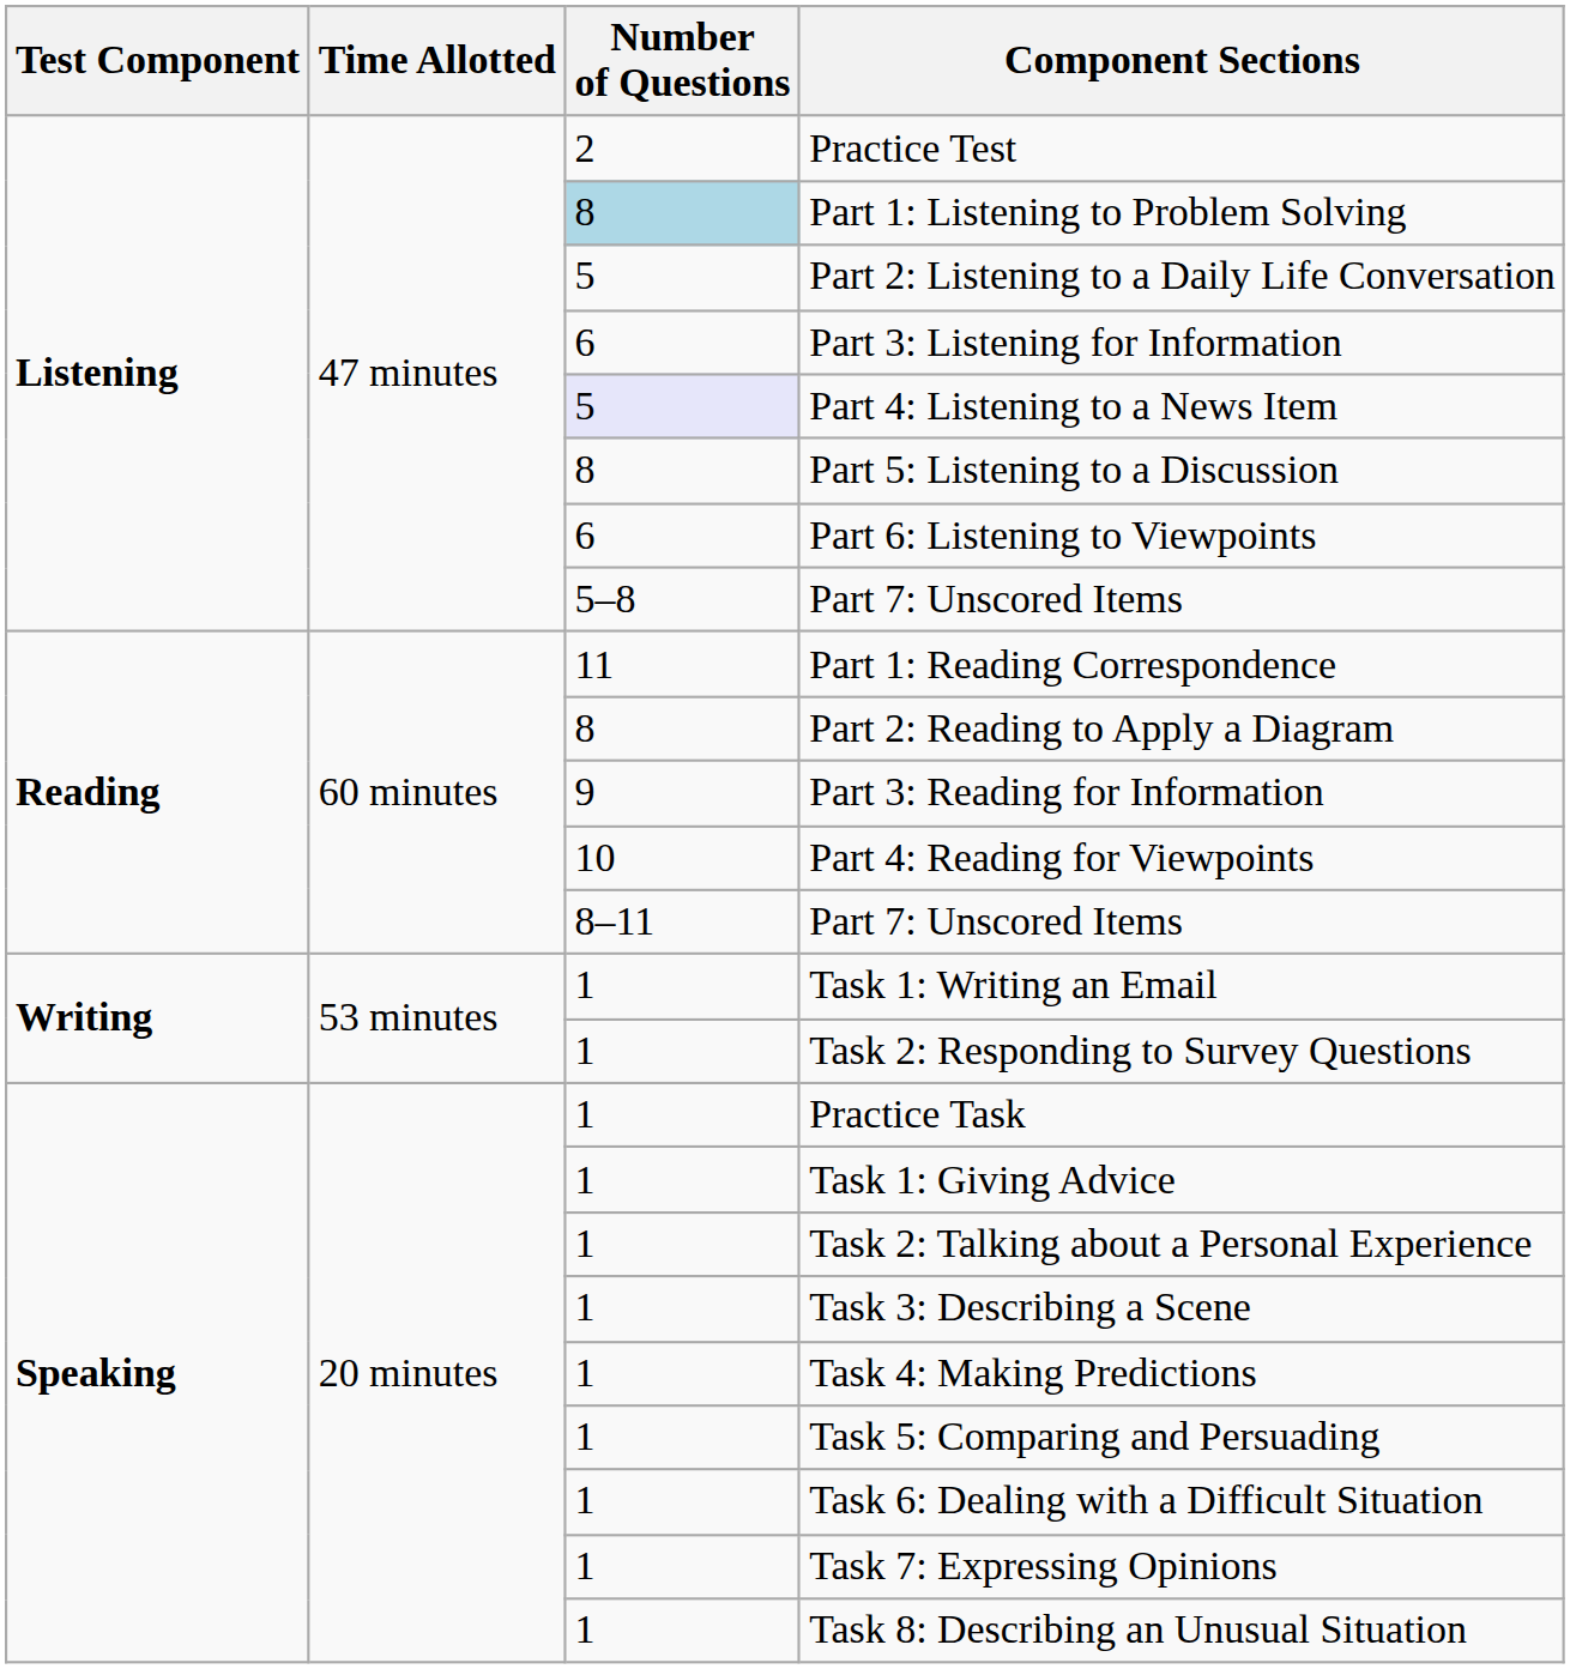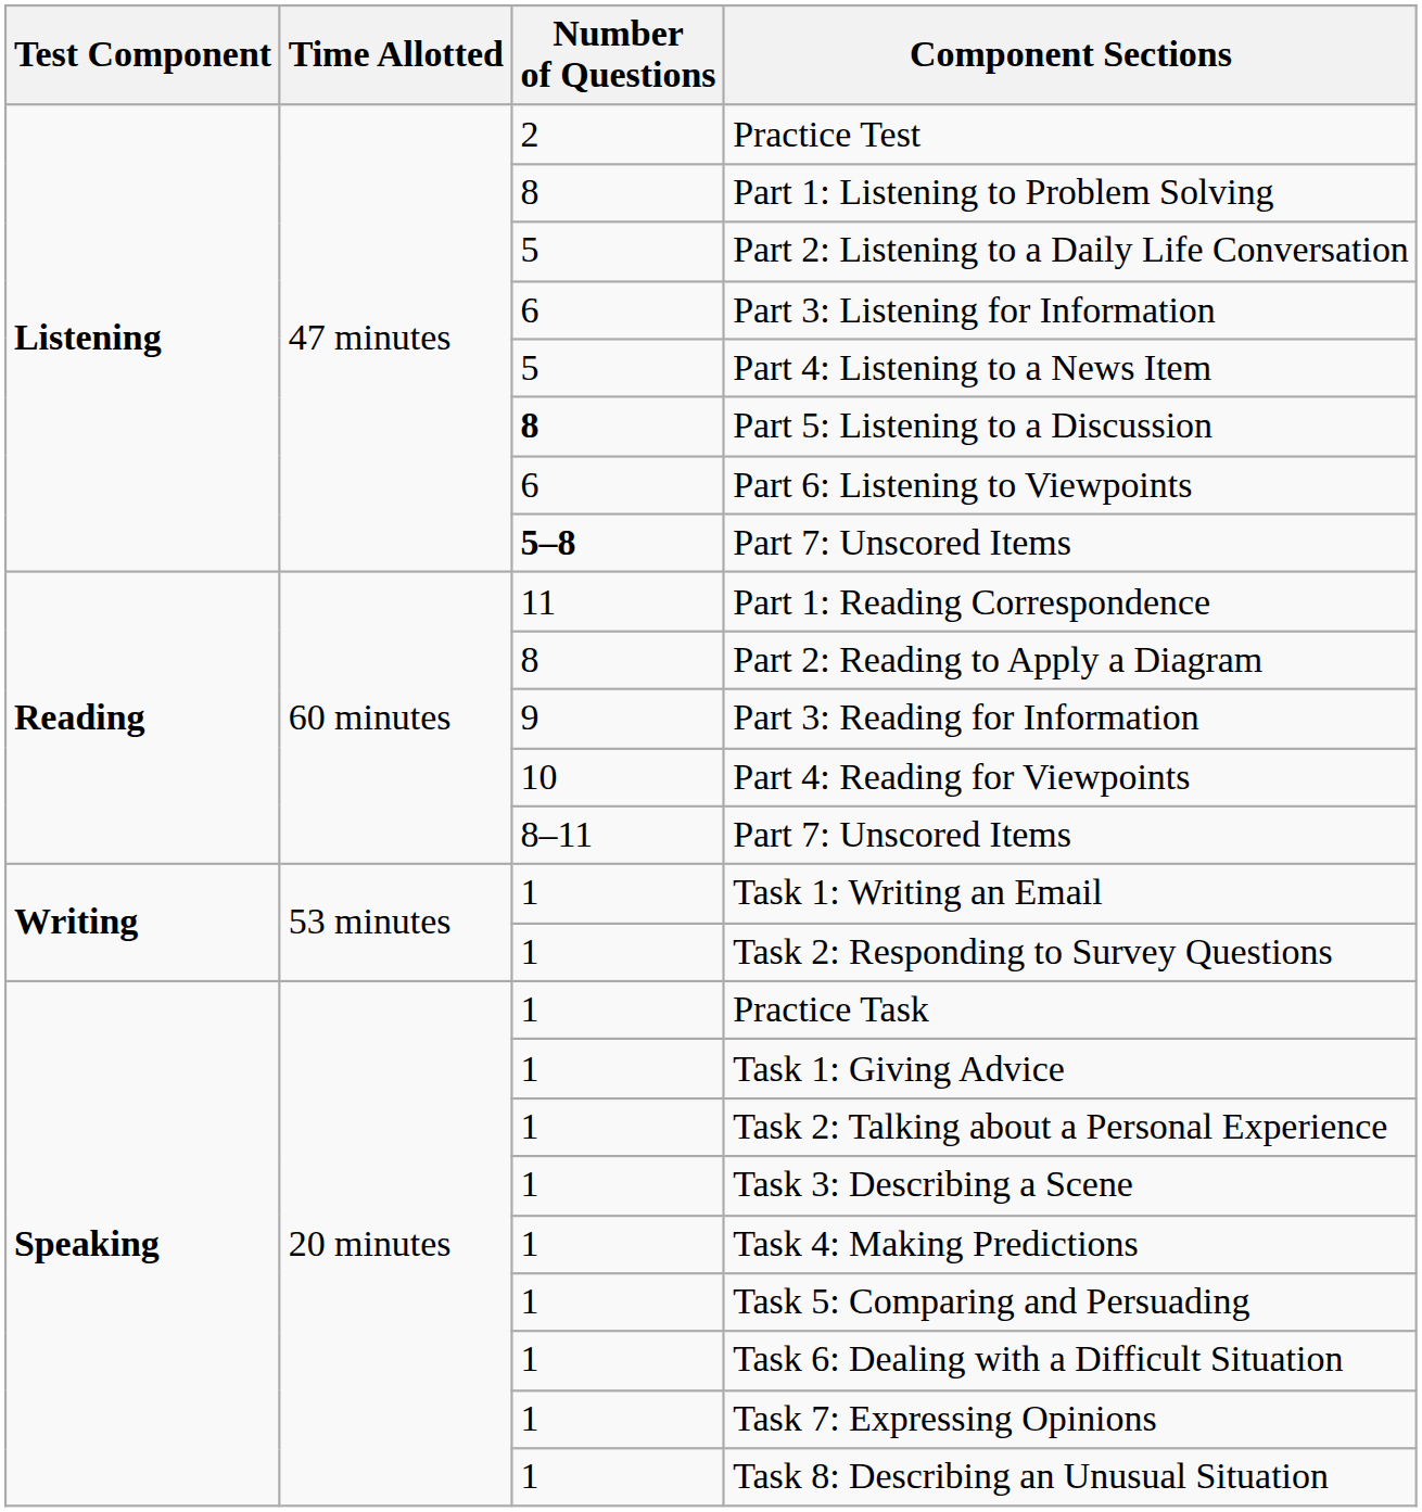 <table class="wikitable">
 <tr>
 <th>Test Component</th>
 <th>Time Allotted</th>
 <th>Number<br>of Questions</th>
 <th>Component Sections</th>
 </tr>
 <tr>
 <td rowspan="8"><strong>Listening</strong></td>
 <td rowspan="8">47 minutes</td>
 <td>2</td>
 <td>Practice Test</td>
 </tr>
 <tr>
-<td style="background: lightblue;">8</td>
+<td>8</td>
 <td>Part 1: Listening to Problem Solving</td>
 </tr>
 <tr>
 <td>5</td>
 <td>Part 2: Listening to a Daily Life Conversation</td>
 </tr>
 <tr>
 <td>6</td>
 <td>Part 3: Listening for Information</td>
 </tr>
 <tr>
-<td style="background: lavender;">5</td>
+<td>5</td>
 <td>Part 4: Listening to a News Item</td>
 </tr>
 <tr>
-<td>8</td>
+<td><strong>8</strong></td>
 <td>Part 5: Listening to a Discussion</td>
 </tr>
 <tr>
 <td>6</td>
 <td>Part 6: Listening to Viewpoints</td>
 </tr>
 <tr>
-<td>5–8</td>
+<td><strong>5–8</strong></td>
 <td>Part 7: Unscored Items</td>
 </tr>
 <tr>
 <td rowspan="5"><strong>Reading</strong></td>
 <td rowspan="5">60 minutes</td>
 <td>11</td>
 <td>Part 1: Reading Correspondence</td>
 </tr>
 <tr>
 <td>8</td>
 <td>Part 2: Reading to Apply a Diagram</td>
 </tr>
 <tr>
 <td>9</td>
 <td>Part 3: Reading for Information</td>
 </tr>
 <tr>
 <td>10</td>
 <td>Part 4: Reading for Viewpoints</td>
 </tr>
 <tr>
 <td>8–11</td>
 <td>Part 7: Unscored Items</td>
 </tr>
 <tr>
 <td rowspan="2"><strong>Writing</strong></td>
 <td rowspan="2">53 minutes</td>
 <td>1</td>
 <td>Task 1: Writing an Email</td>
 </tr>
 <tr>
 <td>1</td>
 <td>Task 2: Responding to Survey Questions</td>
 </tr>
 <tr>
 <td rowspan="9"><strong>Speaking</strong></td>
 <td rowspan="9">20 minutes</td>
 <td>1</td>
 <td>Practice Task</td>
 </tr>
 <tr>
 <td>1</td>
 <td>Task 1: Giving Advice</td>
 </tr>
 <tr>
 <td>1</td>
 <td>Task 2: Talking about a Personal Experience</td>
 </tr>
 <tr>
 <td>1</td>
 <td>Task 3: Describing a Scene</td>
 </tr>
 <tr>
 <td>1</td>
 <td>Task 4: Making Predictions</td>
 </tr>
 <tr>
 <td>1</td>
 <td>Task 5: Comparing and Persuading</td>
 </tr>
 <tr>
 <td>1</td>
 <td>Task 6: Dealing with a Difficult Situation</td>
 </tr>
 <tr>
 <td>1</td>
 <td>Task 7: Expressing Opinions</td>
 </tr>
 <tr>
 <td>1</td>
 <td>Task 8: Describing an Unusual Situation</td>
 </tr>
 </table>
